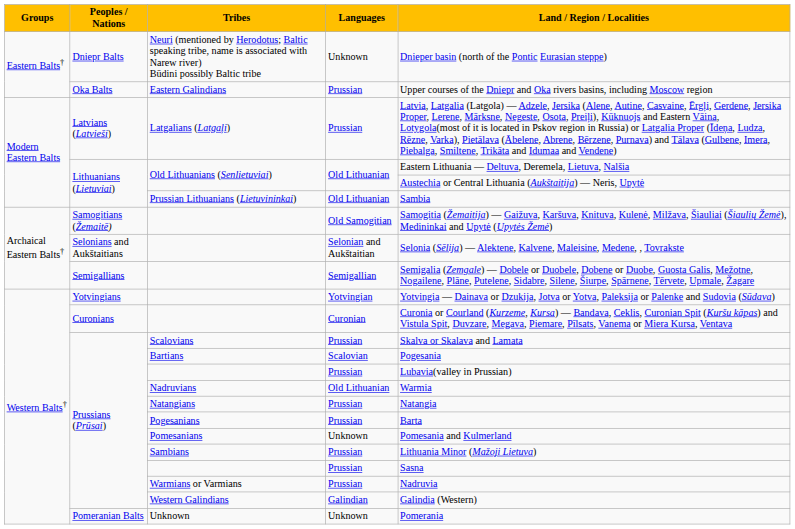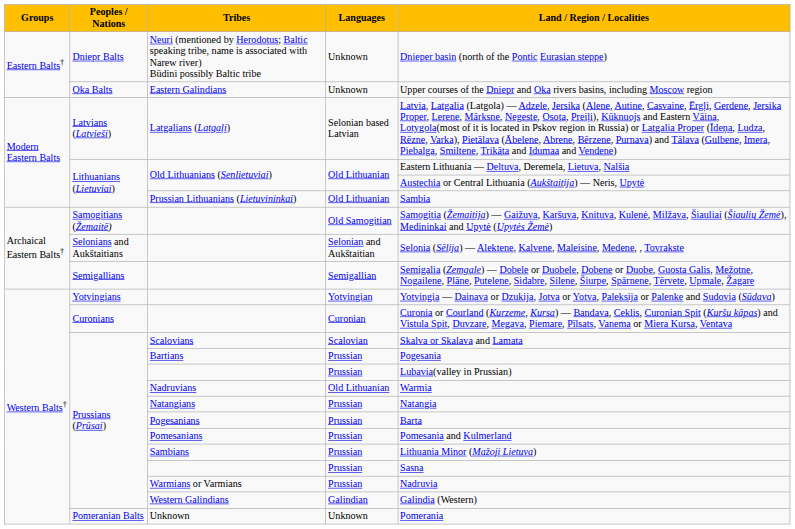 <table class="wikitable">
 <tr>
 <th style="background:#FFBF00">Groups</th>
 <th style="background:#FFBF00">Peoples / Nations</th>
 <th style="background:#FFBF00">Tribes</th>
 <th style="background:#FFBF00">Languages</th>
 <th style="background:#FFBF00">Land / Region / Localities</th>
 </tr>
 <tr>
 <td rowspan="2"><a href='#'>Eastern Balts</a><sup>†</sup></td>
 <td><a href='#'>Dniepr Balts</a></td>
 <td><a href='#'>Neuri</a> (mentioned by <a href='#'>Herodotus</a>; <a href='#'>Baltic</a> speaking tribe, name is associated with Narew river)<br>Būdini possibly Baltic tribe</td>
 <td>Unknown</td>
 <td><a href='#'>Dnieper basin</a> (north of the <a href='#'>Pontic</a> <a href='#'>Eurasian steppe</a>)</td>
 </tr>
 <tr>
 <td><a href='#'>Oka Balts</a></td>
 <td><a href='#'>Eastern Galindians</a></td>
-<td><a href='#'>Prussian</a></td>
+<td>Unknown</td>
 <td>Upper courses of the <a href='#'>Dniepr</a> and <a href='#'>Oka</a> rivers basins, including <a href='#'>Moscow</a> region</td>
 </tr>
 <tr>
 <td rowspan="4"><a href='#'>Modern Eastern Balts</a></td>
 <td><a href='#'>Latvians</a> (<em><a href='#'>Latvieši</a></em>)</td>
 <td><a href='#'>Latgalians</a> (<em><a href='#'>Latgaļi</a></em>)</td>
-<td><a href='#'>Prussian</a></td>
+<td>Selonian based Latvian</td>
 <td><a href='#'>Latvia</a>, <a href='#'>Latgalia</a> (Latgola) — <a href='#'>Adzele</a>, <a href='#'>Jersika</a> (<a href='#'>Alene</a>, <a href='#'>Autine</a>, <a href='#'>Casvaine</a>, <a href='#'>Ērgļi</a>, <a href='#'>Gerdene</a>, <a href='#'>Jersika Proper</a>, <a href='#'>Lerene</a>, <a href='#'>Mārksne</a>, <a href='#'>Negeste</a>, <a href='#'>Osota</a>, <a href='#'>Preiļi</a>),  <a href='#'>Kūknuojs</a> and Eastern <a href='#'>Vāina</a>,<br><a href='#'>Lotygola</a>(most of it is located in Pskov region in Russia) or <a href='#'>Latgalia Proper</a> (<a href='#'>Īdeņa</a>, <a href='#'>Ludza</a>, <a href='#'>Rēzne</a>, <a href='#'>Varka</a>),  <a href='#'>Pietālava</a> (<a href='#'>Ābelene</a>, <a href='#'>Abrene</a>,  <a href='#'>Bērzene</a>, <a href='#'>Purnava</a>) and <a href='#'>Tālava</a> (<a href='#'>Gulbene</a>, <a href='#'>Imera</a>, <a href='#'>Piebalga</a>, <a href='#'>Smiltene</a>, <a href='#'>Trikāta</a> and <a href='#'>Idumaa</a> and <a href='#'>Vendene</a>)</td>
 </tr>
 <tr>
 <td rowspan="3"><a href='#'>Lithuanians</a> (<em><a href='#'>Lietuviai</a></em>)</td>
 <td rowspan="2"><a href='#'>Old Lithuanians</a> (<em><a href='#'>Senlietuviai</a></em>)</td>
 <td rowspan="2"><a href='#'>Old Lithuanian</a></td>
 <td>Eastern Lithuania — <a href='#'>Deltuva</a>, Deremela, <a href='#'>Lietuva</a>, <a href='#'>Nalšia</a></td>
 </tr>
 <tr>
 <td><a href='#'>Austechia</a> or Central Lithuania (<em><a href='#'>Aukštaitija</a></em>) — Neris, <a href='#'>Upytė</a></td>
 </tr>
 <tr>
 <td><a href='#'>Prussian Lithuanians</a> (<em><a href='#'>Lietuvininkai</a></em>)</td>
 <td><a href='#'>Old Lithuanian</a></td>
 <td><a href='#'>Sambia</a></td>
 </tr>
 <tr>
 <td rowspan="3">Archaical Eastern Balts<sup>†</sup></td>
 <td><a href='#'>Samogitians</a> (<a href='#'><em>Žemaitē</em></a><em>)</em></td>
 <td></td>
 <td><a href='#'>Old Samogitian</a></td>
 <td><a href='#'>Samogitia</a> (<em><a href='#'>Žemaitija</a></em>) — <a href='#'>Gaižuva</a>, <a href='#'>Karšuva</a>, <a href='#'>Knituva</a>, <a href='#'>Kulenė</a>, <a href='#'>Milžava</a>, <a href='#'>Šiauliai</a> (<em><a href='#'>Šiaulių Žemė</a></em>),<br><a href='#'>Medininkai</a> and <a href='#'>Upytė</a> (<em><a href='#'>Upytės Žemė</a></em>)</td>
 </tr>
 <tr>
 <td><a href='#'>Selonians</a> and Aukštaitians</td>
 <td></td>
 <td><a href='#'>Selonian</a> and Aukštaitian</td>
 <td><a href='#'>Selonia</a> (<em><a href='#'>Sēlija</a></em>) — <a href='#'>Alektene</a>, <a href='#'>Kalvene</a>, <a href='#'>Maleisine</a>, <a href='#'>Medene</a>, , <a href='#'>Tovrakste</a></td>
 </tr>
 <tr>
 <td><a href='#'>Semigallians</a></td>
 <td></td>
 <td><a href='#'>Semigallian</a></td>
 <td><a href='#'>Semigalia</a> (<em><a href='#'>Zemgale</a></em>) — <a href='#'>Dobele</a> or <a href='#'>Duobele</a>, <a href='#'>Dobene</a> or <a href='#'>Duobe</a>, <a href='#'>Guosta Galis</a>, <a href='#'>Mežotne</a>, <a href='#'>Nogailene</a>, <a href='#'>Plāne</a>, <a href='#'>Putelene</a>, <a href='#'>Sidabre</a>, <a href='#'>Silene</a>, <a href='#'>Šiurpe</a>, <a href='#'>Spārnene</a>, <a href='#'>Tērvete</a>, <a href='#'>Upmale</a>, <a href='#'>Žagare</a></td>
 </tr>
 <tr>
 <td rowspan="14"><a href='#'>Western Balts</a><sup>†</sup></td>
 <td><a href='#'>Yotvingians</a></td>
 <td></td>
 <td><a href='#'>Yotvingian</a></td>
 <td><a href='#'>Yotvingia</a> — <a href='#'>Dainava</a> or <a href='#'>Dzukija</a>, <a href='#'>Jotva</a> or <a href='#'>Yotva</a>, <a href='#'>Paleksija</a> or <a href='#'>Palenke</a> and <a href='#'>Sudovia</a> (<em><a href='#'>Sūdava</a></em>)</td>
 </tr>
 <tr>
 <td><a href='#'>Curonians</a></td>
 <td></td>
 <td><a href='#'>Curonian</a></td>
 <td><a href='#'>Curonia</a> or <a href='#'>Courland</a> (<em><a href='#'>Kurzeme</a></em>, <em><a href='#'>Kursa</a></em>) — <a href='#'>Bandava</a>, <a href='#'>Ceklis</a>, <a href='#'>Curonian Spit</a> (<em><a href='#'>Kuršu kāpas</a></em>) and <a href='#'>Vistula Spit</a>, <a href='#'>Duvzare</a>, <a href='#'>Megava</a>, <a href='#'>Piemare</a>, <a href='#'>Pīlsats</a>, <a href='#'>Vanema</a> or <a href='#'>Miera Kursa</a>, <a href='#'>Ventava</a></td>
 </tr>
 <tr>
 <td rowspan="11"><a href='#'>Prussians</a> (<em><a href='#'>Prūsai</a></em>)</td>
 <td><a href='#'>Scalovians</a></td>
-<td><a href='#'>Prussian</a></td>
+<td><a href='#'>Scalovian</a></td>
 <td><a href='#'>Skalva or Skalava</a> and <a href='#'>Lamata</a></td>
 </tr>
 <tr>
 <td><a href='#'>Bartians</a></td>
-<td><a href='#'>Scalovian</a></td>
+<td><a href='#'>Prussian</a></td>
 <td><a href='#'>Pogesania</a></td>
 </tr>
 <tr>
 <td></td>
 <td><a href='#'>Prussian</a></td>
 <td><a href='#'>Lubavia</a>(valley in Prussian)</td>
 </tr>
 <tr>
 <td><a href='#'>Nadruvians</a></td>
 <td><a href='#'>Old Lithuanian</a></td>
 <td><a href='#'>Warmia</a></td>
 </tr>
 <tr>
 <td><a href='#'>Natangians</a></td>
 <td><a href='#'>Prussian</a></td>
 <td><a href='#'>Natangia</a></td>
 </tr>
 <tr>
 <td><a href='#'>Pogesanians</a></td>
 <td><a href='#'>Prussian</a></td>
 <td><a href='#'>Barta</a></td>
 </tr>
 <tr>
 <td><a href='#'>Pomesanians</a></td>
-<td>Unknown</td>
+<td><a href='#'>Prussian</a></td>
 <td><a href='#'>Pomesania</a> and <a href='#'>Kulmerland</a></td>
 </tr>
 <tr>
 <td><a href='#'>Sambians</a></td>
 <td><a href='#'>Prussian</a></td>
 <td><a href='#'>Lithuania Minor</a> (<em><a href='#'>Mažoji Lietuva</a></em>)</td>
 </tr>
 <tr>
 <td></td>
 <td><a href='#'>Prussian</a></td>
 <td><a href='#'>Sasna</a></td>
 </tr>
 <tr>
 <td><a href='#'>Warmians</a> or Varmians</td>
 <td><a href='#'>Prussian</a></td>
 <td><a href='#'>Nadruvia</a></td>
 </tr>
 <tr>
 <td rowspan="1"><a href='#'>Western Galindians</a></td>
 <td><a href='#'>Galindian</a></td>
 <td><a href='#'>Galindia</a> (Western)</td>
 </tr>
 <tr>
 <td rowspan="1"><a href='#'>Pomeranian Balts</a></td>
 <td>Unknown</td>
 <td>Unknown</td>
 <td><a href='#'>Pomerania</a></td>
 </tr>
 </table>
